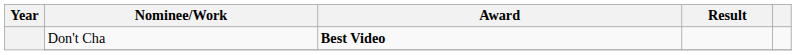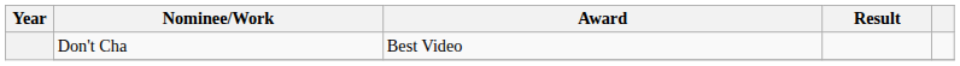 <table class="wikitable plainrowheaders" style="width:70%;">
 <tr>
 <th scope="col" style="width:4%;">Year</th>
 <th style="width:30%;">Nominee/Work</th>
 <th style="width:40%;">Award</th>
 <th style="width:10%;">Result</th>
 <th scope="col" style="width:2%;"></th>
 </tr>
 <tr>
 <th scope="row" rowspan="4"></th>
 <td>Don't Cha </td>
-<td><strong>Best Video</strong></td>
+<td>Best Video</td>
 <td></td>
 <td style="text-align:center;"></td>
 </tr>
 <tr>
 </tr>
 </table>
